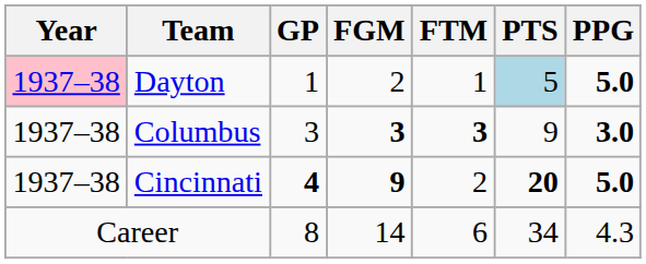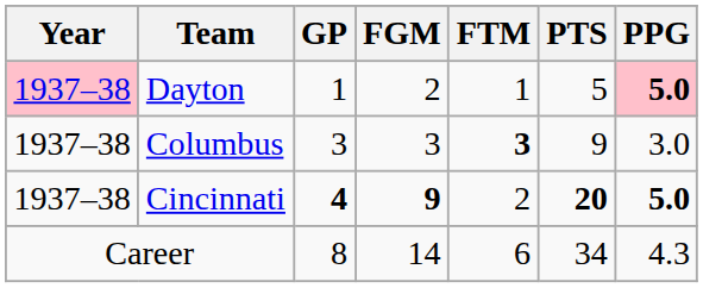 <table class="wikitable sortable" style="font-size:95%; text-align:right;">
 <tr>
 <th>Year</th>
 <th>Team</th>
 <th>GP</th>
 <th>FGM</th>
 <th>FTM</th>
 <th>PTS</th>
 <th>PPG</th>
 </tr>
 <tr>
 <td style="background: pink; text-align:left;"><a href='#'>1937–38</a></td>
 <td style="text-align:left;"><a href='#'>Dayton</a></td>
 <td>1</td>
 <td>2</td>
 <td>1</td>
-<td style="background: lightblue;">5</td>
-<td><strong>5.0</strong></td>
+<td>5</td>
+<td style="background: pink;"><strong>5.0</strong></td>
 </tr>
 <tr>
 <td style="text-align:left;">1937–38</td>
 <td style="text-align:left;"><a href='#'>Columbus</a></td>
 <td>3</td>
-<td><strong>3</strong></td>
+<td>3</td>
 <td><strong>3</strong></td>
 <td>9</td>
-<td><strong>3.0</strong></td>
+<td>3.0</td>
 </tr>
 <tr>
 <td style="text-align:left;">1937–38</td>
 <td style="text-align:left;"><a href='#'>Cincinnati</a></td>
 <td><strong>4</strong></td>
 <td><strong>9</strong></td>
 <td>2</td>
 <td><strong>20</strong></td>
 <td><strong>5.0</strong></td>
 </tr>
 <tr>
 <td style="text-align:center;" colspan="2">Career</td>
 <td>8</td>
 <td>14</td>
 <td>6</td>
 <td>34</td>
 <td>4.3</td>
 </tr>
 </table>
